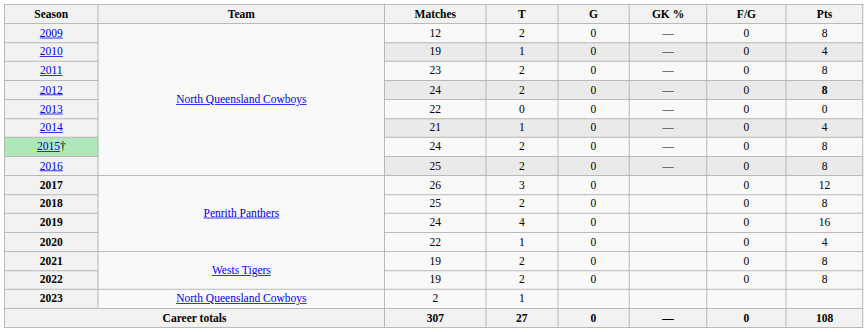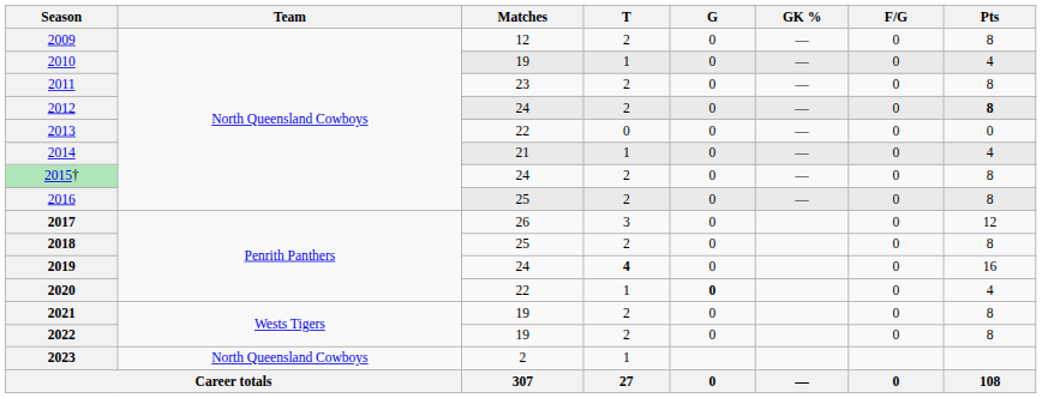 <table class="wikitable sortable"  style="font-size:90%; text-align:center; width:85%;">
 <tr>
 <th width=2%>Season</th>
 <th width=8%>Team</th>
 <th width=2%>Matches</th>
 <th width=2%>T</th>
 <th width=2%>G</th>
 <th width=2%>GK %</th>
 <th width=2%>F/G</th>
 <th width=2%>Pts</th>
 </tr>
 <tr>
 <th scope="row" style="text-align:center; font-weight:normal"><a href='#'>2009</a></th>
 <td rowspan="8" style="text-align:center;"> <a href='#'>North Queensland Cowboys</a></td>
 <td>12</td>
 <td>2</td>
 <td>0</td>
 <td>—</td>
 <td>0</td>
 <td>8</td>
 </tr>
 <tr style="background:#eaeaea;">
 <th scope="row" style="text-align:center; font-weight:normal"><a href='#'>2010</a></th>
 <td>19</td>
 <td>1</td>
 <td>0</td>
 <td>—</td>
 <td>0</td>
 <td>4</td>
 </tr>
 <tr>
 <th scope="row" style="text-align:center; font-weight:normal"><a href='#'>2011</a></th>
 <td>23</td>
 <td>2</td>
 <td>0</td>
 <td>—</td>
 <td>0</td>
 <td>8</td>
 </tr>
 <tr style="background:#eaeaea;">
 <th scope="row" style="text-align:center; font-weight:normal"><a href='#'>2012</a></th>
 <td>24</td>
 <td>2</td>
 <td>0</td>
 <td>—</td>
 <td>0</td>
 <td><strong>8</strong></td>
 </tr>
 <tr>
 <th scope="row" style="text-align:center; font-weight:normal"><a href='#'>2013</a></th>
 <td>22</td>
 <td>0</td>
 <td>0</td>
 <td>—</td>
 <td>0</td>
 <td>0</td>
 </tr>
 <tr style="background:#eaeaea;">
 <th scope="row" style="text-align:center; font-weight:normal"><a href='#'>2014</a></th>
 <td>21</td>
 <td>1</td>
 <td>0</td>
 <td>—</td>
 <td>0</td>
 <td>4</td>
 </tr>
 <tr>
 <th scope="row" style="text-align:center; font-weight:normal; background:#afe6ba;"><a href='#'>2015</a>†</th>
 <td>24</td>
 <td>2</td>
 <td>0</td>
 <td>—</td>
 <td>0</td>
 <td>8</td>
 </tr>
 <tr style="background:#eaeaea;">
 <th scope="row" style="text-align:center; font-weight:normal"><a href='#'>2016</a></th>
 <td>25</td>
 <td>2</td>
 <td>0</td>
 <td>—</td>
 <td>0</td>
 <td>8</td>
 </tr>
 <tr>
 <th>2017</th>
 <td rowspan="4"> <a href='#'>Penrith Panthers</a></td>
 <td>26</td>
 <td>3</td>
 <td>0</td>
 <td></td>
 <td>0</td>
 <td>12</td>
 </tr>
 <tr>
 <th>2018</th>
 <td>25</td>
 <td>2</td>
 <td>0</td>
 <td></td>
 <td>0</td>
 <td>8</td>
 </tr>
 <tr>
 <th>2019</th>
 <td>24</td>
-<td>4</td>
+<td><strong>4</strong></td>
 <td>0</td>
 <td></td>
 <td>0</td>
 <td>16</td>
 </tr>
 <tr>
 <th>2020</th>
 <td>22</td>
 <td>1</td>
-<td>0</td>
+<td><strong>0</strong></td>
 <td></td>
 <td>0</td>
 <td>4</td>
 </tr>
 <tr>
 <th>2021</th>
 <td rowspan="2"> <a href='#'>Wests Tigers</a></td>
 <td>19</td>
 <td>2</td>
 <td>0</td>
 <td></td>
 <td>0</td>
 <td>8</td>
 </tr>
 <tr>
 <th>2022</th>
 <td>19</td>
 <td>2</td>
 <td>0</td>
 <td></td>
 <td>0</td>
 <td>8</td>
 </tr>
 <tr>
 <th>2023</th>
 <td> <a href='#'>North Queensland Cowboys</a></td>
 <td>2</td>
 <td>1</td>
 <td></td>
 <td></td>
 <td></td>
 <td></td>
 </tr>
 <tr class="sortbottom">
 <th colspan="2">Career totals</th>
 <th>307</th>
 <th>27</th>
 <th>0</th>
 <th>—</th>
 <th>0</th>
 <th>108</th>
 </tr>
 </table>
